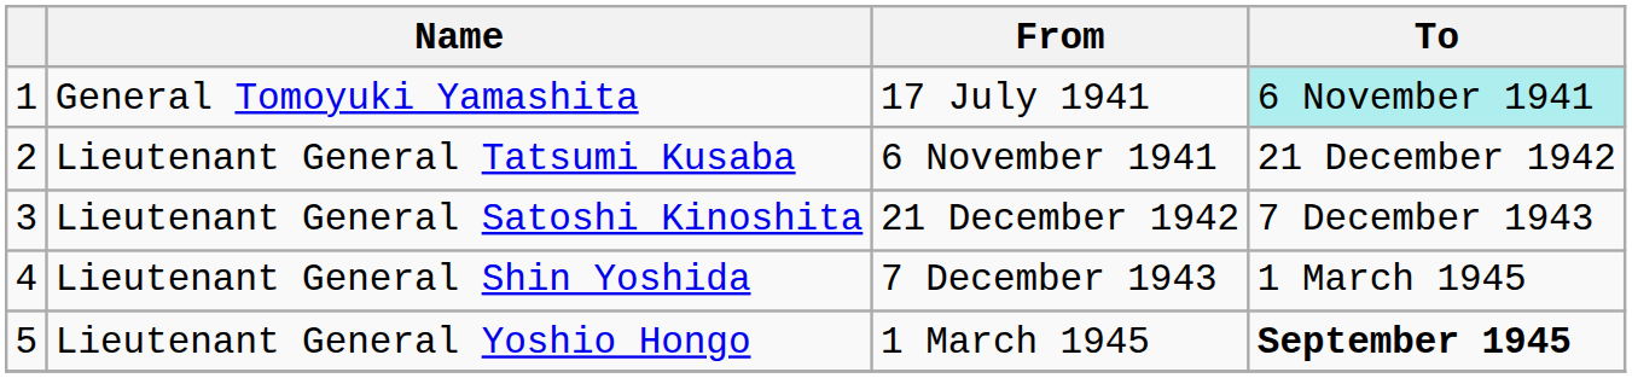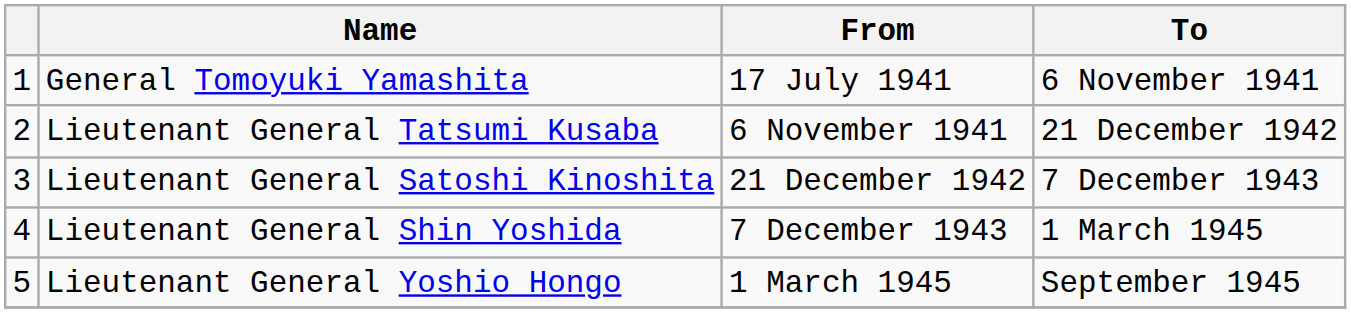 <table class=wikitable>
 <tr>
 <th></th>
 <th>Name</th>
 <th>From</th>
 <th>To</th>
 </tr>
 <tr>
 <td>1</td>
 <td>General <a href='#'>Tomoyuki Yamashita</a></td>
 <td>17 July 1941</td>
-<td style="background: paleturquoise;">6 November 1941</td>
+<td>6 November 1941</td>
 </tr>
 <tr>
 <td>2</td>
 <td>Lieutenant General <a href='#'>Tatsumi Kusaba</a></td>
 <td>6 November 1941</td>
 <td>21 December 1942</td>
 </tr>
 <tr>
 <td>3</td>
 <td>Lieutenant General <a href='#'>Satoshi Kinoshita</a></td>
 <td>21 December 1942</td>
 <td>7 December 1943</td>
 </tr>
 <tr>
 <td>4</td>
 <td>Lieutenant General <a href='#'>Shin Yoshida</a></td>
 <td>7 December 1943</td>
 <td>1 March 1945</td>
 </tr>
 <tr>
 <td>5</td>
 <td>Lieutenant General <a href='#'>Yoshio Hongo</a></td>
 <td>1 March 1945</td>
-<td><strong>September 1945</strong></td>
+<td>September 1945</td>
 </tr>
 <tr>
 </tr>
 </table>
